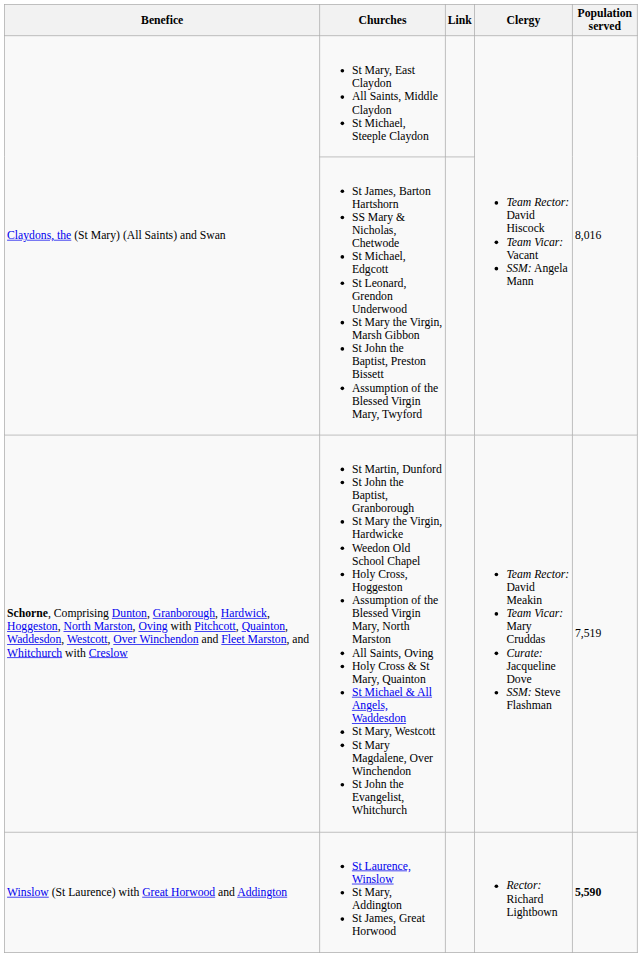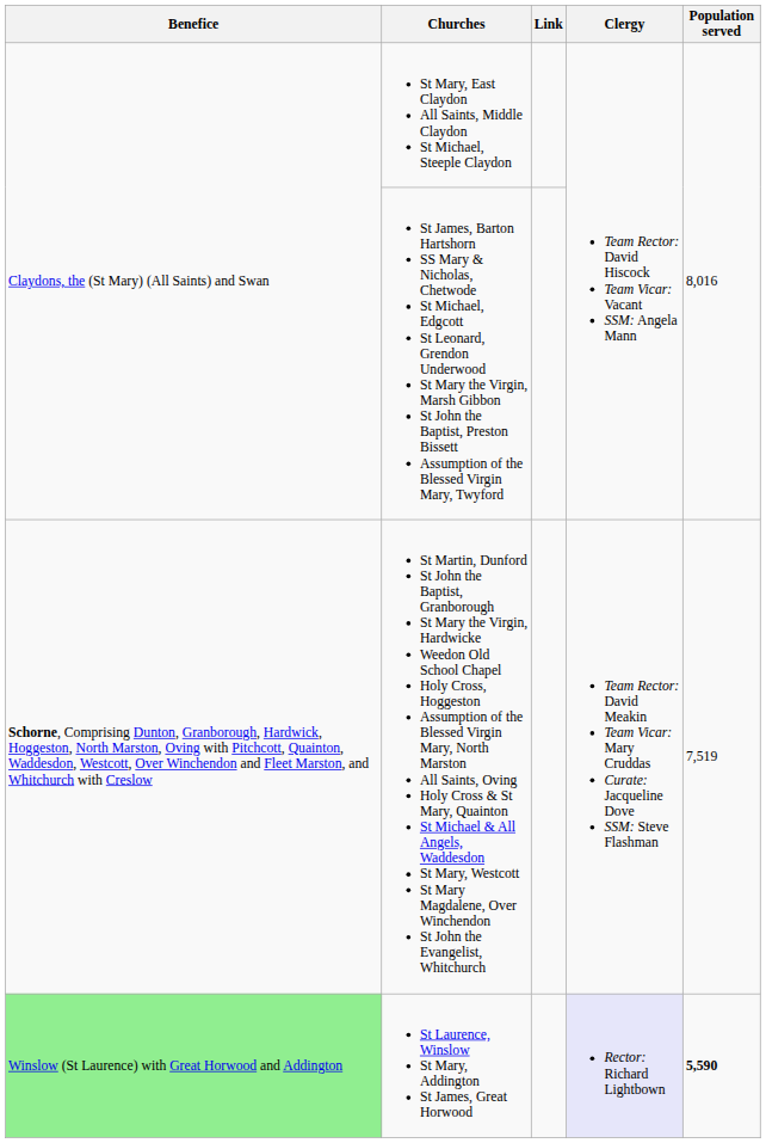 <table class="wikitable">
 <tr>
 <th width="425">Benefice</th>
 <th>Churches</th>
 <th>Link</th>
 <th>Clergy</th>
 <th>Population served</th>
 </tr>
 <tr>
 <td rowspan="2"><a href='#'>Claydons, the</a> (St Mary) (All Saints) and Swan</td>
 <td><br><ul><li>St Mary, East Claydon</li><li>All Saints, Middle Claydon</li><li>St Michael, Steeple Claydon</li></ul></td>
 <td></td>
 <td rowspan="2"><br><ul><li><em>Team Rector:</em> David Hiscock</li><li><em>Team Vicar:</em> Vacant</li><li><em>SSM:</em> Angela Mann</li></ul></td>
 <td rowspan="2">8,016</td>
 </tr>
 <tr>
 <td><br><ul><li>St James, Barton Hartshorn</li><li>SS Mary & Nicholas, Chetwode</li><li>St Michael, Edgcott</li><li>St Leonard, Grendon Underwood</li><li>St Mary the Virgin, Marsh Gibbon</li><li>St John the Baptist, Preston Bissett</li><li>Assumption of the Blessed Virgin Mary, Twyford</li></ul></td>
 <td></td>
 </tr>
 <tr>
 <td><strong>Schorne</strong>, Comprising <a href='#'>Dunton</a>, <a href='#'>Granborough</a>, <a href='#'>Hardwick</a>, <a href='#'>Hoggeston</a>, <a href='#'>North Marston</a>, <a href='#'>Oving</a> with <a href='#'>Pitchcott</a>, <a href='#'>Quainton</a>, <a href='#'>Waddesdon</a>, <a href='#'>Westcott</a>, <a href='#'>Over Winchendon</a> and <a href='#'>Fleet Marston</a>, and <a href='#'>Whitchurch</a> with <a href='#'>Creslow</a></td>
 <td><br><ul><li>St Martin, Dunford</li><li>St John the Baptist, Granborough</li><li>St Mary the Virgin, Hardwicke</li><li>Weedon Old School Chapel</li><li>Holy Cross, Hoggeston</li><li>Assumption of the Blessed Virgin Mary, North Marston</li><li>All Saints, Oving</li><li>Holy Cross & St Mary, Quainton</li><li><a href='#'>St Michael & All Angels, Waddesdon</a></li><li>St Mary, Westcott</li><li>St Mary Magdalene, Over Winchendon</li><li>St John the Evangelist, Whitchurch</li></ul></td>
 <td></td>
 <td><br><ul><li><em>Team Rector:</em> David Meakin</li><li><em>Team Vicar:</em> Mary Cruddas</li><li><em>Curate:</em> Jacqueline Dove</li><li><em>SSM:</em> Steve Flashman</li></ul></td>
 <td>7,519</td>
 </tr>
 <tr>
-<td><a href='#'>Winslow</a> (St Laurence) with <a href='#'>Great Horwood</a> and <a href='#'>Addington</a></td>
+<td style="background: lightgreen;"><a href='#'>Winslow</a> (St Laurence) with <a href='#'>Great Horwood</a> and <a href='#'>Addington</a></td>
 <td><br><ul><li><a href='#'>St Laurence, Winslow</a></li><li>St Mary, Addington</li><li>St James, Great Horwood</li></ul></td>
 <td></td>
-<td><br><ul><li><em>Rector:</em> Richard Lightbown</li></ul></td>
+<td style="background: lavender;"><br><ul><li><em>Rector:</em> Richard Lightbown</li></ul></td>
 <td><strong>5,590</strong></td>
 </tr>
 </table>
